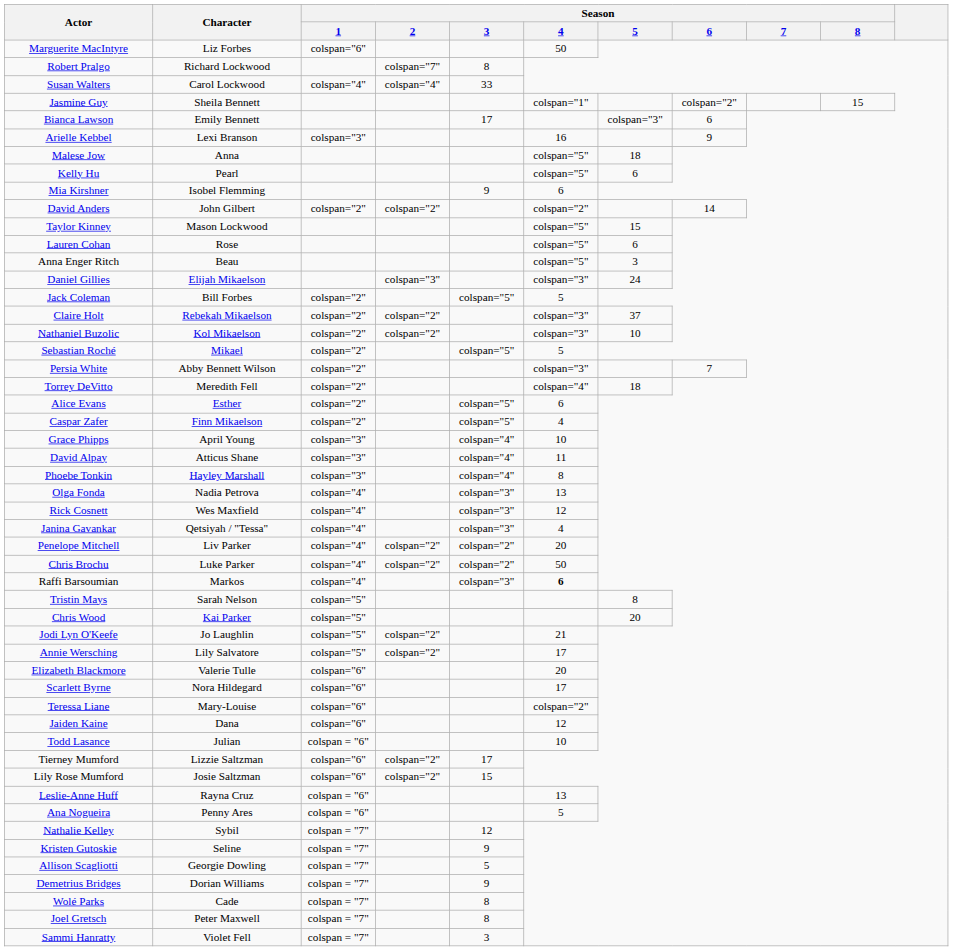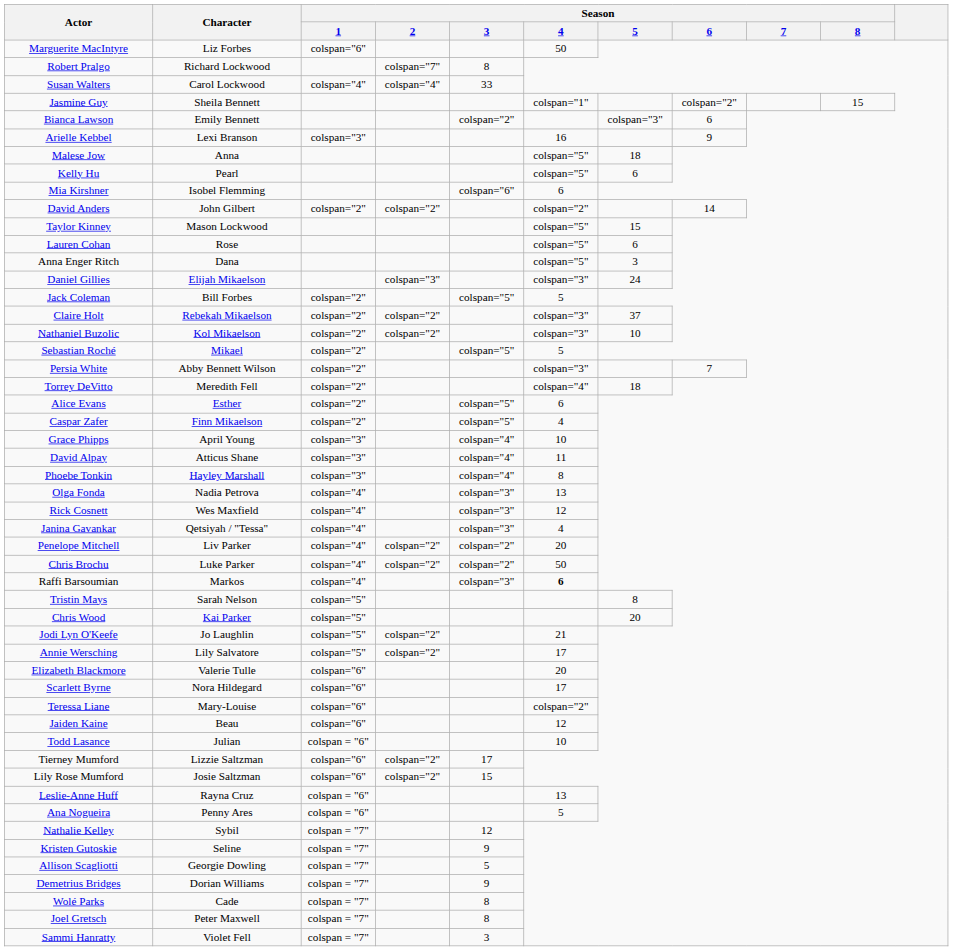 <table class="wikitable sortable mw-collapsible plainrowheaders" style="text-align:center">
 <tr>
 <th rowspan="2" style="width:14%;" scope="col">Actor</th>
 <th rowspan="2" style="width:14%;" scope="col">Character</th>
 <th colspan="8">Season</th>
 <th rowspan="2" style="width:5%;"></th>
 </tr>
 <tr>
 <th style="width:7%;" scope="col"><a href='#'>1</a></th>
 <th style="width:7%;" scope="col"><a href='#'>2</a></th>
 <th style="width:7%;" scope="col"><a href='#'>3</a></th>
 <th style="width:7%;" scope="col"><a href='#'>4</a></th>
 <th style="width:7%;" scope="col"><a href='#'>5</a></th>
 <th style="width:7%;" scope="col"><a href='#'>6</a></th>
 <th style="width:7%;" scope="col"><a href='#'>7</a></th>
 <th style="width:7%;" scope="col"><a href='#'>8</a></th>
 </tr>
 <tr>
 <td><a href='#'>Marguerite MacIntyre</a></td>
 <td>Liz Forbes</td>
 <td>colspan="6" </td>
 <td></td>
 <td></td>
 <td>50</td>
 </tr>
 <tr>
 <td><a href='#'>Robert Pralgo</a></td>
 <td>Richard Lockwood</td>
 <td></td>
 <td>colspan="7" </td>
 <td>8</td>
 </tr>
 <tr>
 <td><a href='#'>Susan Walters</a></td>
 <td>Carol Lockwood</td>
 <td>colspan="4" </td>
 <td>colspan="4" </td>
 <td>33</td>
 </tr>
 <tr>
 <td><a href='#'>Jasmine Guy</a></td>
 <td>Sheila Bennett</td>
 <td></td>
 <td></td>
 <td></td>
 <td>colspan="1" </td>
 <td></td>
 <td>colspan="2" </td>
 <td></td>
 <td>15</td>
 </tr>
 <tr>
 <td><a href='#'>Bianca Lawson</a></td>
 <td>Emily Bennett</td>
 <td></td>
 <td></td>
-<td>17</td>
+<td>colspan="2" </td>
 <td></td>
 <td>colspan="3" </td>
 <td>6</td>
 </tr>
 <tr>
 <td><a href='#'>Arielle Kebbel</a></td>
 <td>Lexi Branson</td>
 <td>colspan="3" </td>
 <td></td>
 <td></td>
 <td>16</td>
 <td></td>
 <td>9</td>
 </tr>
 <tr>
 <td><a href='#'>Malese Jow</a></td>
 <td>Anna</td>
 <td></td>
 <td></td>
 <td></td>
 <td>colspan="5" </td>
 <td>18</td>
 </tr>
 <tr>
 <td><a href='#'>Kelly Hu</a></td>
 <td>Pearl</td>
 <td></td>
 <td></td>
 <td></td>
 <td>colspan="5" </td>
 <td>6</td>
 </tr>
 <tr>
 <td><a href='#'>Mia Kirshner</a></td>
 <td>Isobel Flemming</td>
 <td></td>
 <td></td>
-<td>9</td>
+<td>colspan="6" </td>
 <td>6</td>
 </tr>
 <tr>
 <td><a href='#'>David Anders</a></td>
 <td>John Gilbert</td>
 <td>colspan="2" </td>
 <td>colspan="2" </td>
 <td></td>
 <td>colspan="2" </td>
 <td></td>
 <td>14</td>
 </tr>
 <tr>
 <td><a href='#'>Taylor Kinney</a></td>
 <td>Mason Lockwood</td>
 <td></td>
 <td></td>
 <td></td>
 <td>colspan="5" </td>
 <td>15</td>
 </tr>
 <tr>
 <td><a href='#'>Lauren Cohan</a></td>
 <td>Rose</td>
 <td></td>
 <td></td>
 <td></td>
 <td>colspan="5" </td>
 <td>6</td>
 </tr>
 <tr>
 <td>Anna Enger Ritch</td>
-<td>Beau</td>
+<td>Dana</td>
 <td></td>
 <td></td>
 <td></td>
 <td>colspan="5" </td>
 <td>3</td>
 </tr>
 <tr>
 <td><a href='#'>Daniel Gillies</a></td>
 <td><a href='#'>Elijah Mikaelson</a></td>
 <td></td>
 <td>colspan="3" </td>
 <td></td>
 <td>colspan="3" </td>
 <td>24</td>
 </tr>
 <tr>
 <td><a href='#'>Jack Coleman</a></td>
 <td>Bill Forbes</td>
 <td>colspan="2" </td>
 <td></td>
 <td>colspan="5" </td>
 <td>5</td>
 </tr>
 <tr>
 <td><a href='#'>Claire Holt</a></td>
 <td><a href='#'>Rebekah Mikaelson</a></td>
 <td>colspan="2" </td>
 <td>colspan="2"</td>
 <td></td>
 <td>colspan="3" </td>
 <td>37</td>
 </tr>
 <tr>
 <td><a href='#'>Nathaniel Buzolic</a></td>
 <td><a href='#'>Kol Mikaelson</a></td>
 <td>colspan="2" </td>
 <td>colspan="2" </td>
 <td></td>
 <td>colspan="3" </td>
 <td>10</td>
 </tr>
 <tr>
 <td><a href='#'>Sebastian Roché</a></td>
 <td><a href='#'>Mikael</a></td>
 <td>colspan="2" </td>
 <td></td>
 <td>colspan="5" </td>
 <td>5</td>
 </tr>
 <tr>
 <td><a href='#'>Persia White</a></td>
 <td>Abby Bennett Wilson</td>
 <td>colspan="2" </td>
 <td></td>
 <td></td>
 <td>colspan="3" </td>
 <td></td>
 <td>7</td>
 </tr>
 <tr>
 <td><a href='#'>Torrey DeVitto</a></td>
 <td>Meredith Fell</td>
 <td>colspan="2" </td>
 <td></td>
 <td></td>
 <td>colspan="4" </td>
 <td>18</td>
 </tr>
 <tr>
 <td><a href='#'>Alice Evans</a></td>
 <td><a href='#'>Esther</a></td>
 <td>colspan="2" </td>
 <td></td>
 <td>colspan="5" </td>
 <td>6</td>
 </tr>
 <tr>
 <td><a href='#'>Caspar Zafer</a></td>
 <td><a href='#'>Finn Mikaelson</a></td>
 <td>colspan="2" </td>
 <td></td>
 <td>colspan="5" </td>
 <td>4</td>
 </tr>
 <tr>
 <td><a href='#'>Grace Phipps</a></td>
 <td>April Young</td>
 <td>colspan="3" </td>
 <td></td>
 <td>colspan="4" </td>
 <td>10</td>
 </tr>
 <tr>
 <td><a href='#'>David Alpay</a></td>
 <td>Atticus Shane</td>
 <td>colspan="3" </td>
 <td></td>
 <td>colspan="4" </td>
 <td>11</td>
 </tr>
 <tr>
 <td><a href='#'>Phoebe Tonkin</a></td>
 <td><a href='#'>Hayley Marshall</a></td>
 <td>colspan="3" </td>
 <td></td>
 <td>colspan="4" </td>
 <td>8</td>
 </tr>
 <tr>
 <td><a href='#'>Olga Fonda</a></td>
 <td>Nadia Petrova</td>
 <td>colspan="4" </td>
 <td></td>
 <td>colspan="3" </td>
 <td>13</td>
 </tr>
 <tr>
 <td><a href='#'>Rick Cosnett</a></td>
 <td>Wes Maxfield</td>
 <td>colspan="4" </td>
 <td></td>
 <td>colspan="3" </td>
 <td>12</td>
 </tr>
 <tr>
 <td><a href='#'>Janina Gavankar</a></td>
 <td>Qetsiyah / "Tessa"</td>
 <td>colspan="4" </td>
 <td></td>
 <td>colspan="3" </td>
 <td>4</td>
 </tr>
 <tr>
 <td><a href='#'>Penelope Mitchell</a></td>
 <td>Liv Parker</td>
 <td>colspan="4" </td>
 <td>colspan="2" </td>
 <td>colspan="2" </td>
 <td>20</td>
 </tr>
 <tr>
 <td><a href='#'>Chris Brochu</a></td>
 <td>Luke Parker</td>
 <td>colspan="4" </td>
 <td>colspan="2" </td>
 <td>colspan="2" </td>
 <td>50</td>
 </tr>
 <tr>
 <td>Raffi Barsoumian</td>
 <td>Markos</td>
 <td>colspan="4" </td>
 <td></td>
 <td>colspan="3" </td>
 <td><strong>6</strong></td>
 </tr>
 <tr>
 <td><a href='#'>Tristin Mays</a></td>
 <td>Sarah Nelson</td>
 <td>colspan="5" </td>
 <td></td>
 <td></td>
 <td></td>
 <td>8</td>
 </tr>
 <tr>
 <td><a href='#'>Chris Wood</a></td>
 <td><a href='#'>Kai Parker</a></td>
 <td>colspan="5" </td>
 <td></td>
 <td></td>
 <td></td>
 <td>20</td>
 </tr>
 <tr>
 <td><a href='#'>Jodi Lyn O'Keefe</a></td>
 <td>Jo Laughlin</td>
 <td>colspan="5" </td>
 <td>colspan="2" </td>
 <td></td>
 <td>21</td>
 </tr>
 <tr>
 <td><a href='#'>Annie Wersching</a></td>
 <td>Lily Salvatore</td>
 <td>colspan="5" </td>
 <td>colspan="2" </td>
 <td></td>
 <td>17</td>
 </tr>
 <tr>
 <td><a href='#'>Elizabeth Blackmore</a></td>
 <td>Valerie Tulle</td>
 <td>colspan="6" </td>
 <td></td>
 <td></td>
 <td>20</td>
 </tr>
 <tr>
 <td><a href='#'>Scarlett Byrne</a></td>
 <td>Nora Hildegard</td>
 <td>colspan="6" </td>
 <td></td>
 <td></td>
 <td>17</td>
 </tr>
 <tr>
 <td><a href='#'>Teressa Liane</a></td>
 <td>Mary-Louise</td>
 <td>colspan="6" </td>
 <td></td>
 <td></td>
 <td>colspan="2" </td>
 </tr>
 <tr>
 <td><a href='#'>Jaiden Kaine</a></td>
-<td>Dana</td>
+<td>Beau</td>
 <td>colspan="6" </td>
 <td></td>
 <td></td>
 <td>12</td>
 </tr>
 <tr>
 <td><a href='#'>Todd Lasance</a></td>
 <td>Julian</td>
 <td>colspan = "6" </td>
 <td></td>
 <td></td>
 <td>10</td>
 </tr>
 <tr>
 <td>Tierney Mumford</td>
 <td>Lizzie Saltzman</td>
 <td>colspan="6" </td>
 <td>colspan="2" </td>
 <td>17</td>
 </tr>
 <tr>
 <td>Lily Rose Mumford</td>
 <td>Josie Saltzman</td>
 <td>colspan="6" </td>
 <td>colspan="2" </td>
 <td>15</td>
 </tr>
 <tr>
 <td><a href='#'>Leslie-Anne Huff</a></td>
 <td>Rayna Cruz</td>
 <td>colspan = "6" </td>
 <td></td>
 <td></td>
 <td>13</td>
 </tr>
 <tr>
 <td><a href='#'>Ana Nogueira</a></td>
 <td>Penny Ares</td>
 <td>colspan = "6" </td>
 <td></td>
 <td></td>
 <td>5</td>
 </tr>
 <tr>
 <td><a href='#'>Nathalie Kelley</a></td>
 <td>Sybil</td>
 <td>colspan = "7" </td>
 <td></td>
 <td>12</td>
 </tr>
 <tr>
 <td><a href='#'>Kristen Gutoskie</a></td>
 <td>Seline</td>
 <td>colspan = "7" </td>
 <td></td>
 <td>9</td>
 </tr>
 <tr>
 <td><a href='#'>Allison Scagliotti</a></td>
 <td>Georgie Dowling</td>
 <td>colspan = "7" </td>
 <td></td>
 <td>5</td>
 </tr>
 <tr>
 <td><a href='#'>Demetrius Bridges</a></td>
 <td>Dorian Williams</td>
 <td>colspan = "7" </td>
 <td></td>
 <td>9</td>
 </tr>
 <tr>
 <td><a href='#'>Wolé Parks</a></td>
 <td>Cade</td>
 <td>colspan = "7" </td>
 <td></td>
 <td>8</td>
 </tr>
 <tr>
 <td><a href='#'>Joel Gretsch</a></td>
 <td>Peter Maxwell</td>
 <td>colspan = "7" </td>
 <td></td>
 <td>8</td>
 </tr>
 <tr>
 <td><a href='#'>Sammi Hanratty</a></td>
 <td>Violet Fell</td>
 <td>colspan = "7" </td>
 <td></td>
 <td>3</td>
 </tr>
 </table>
